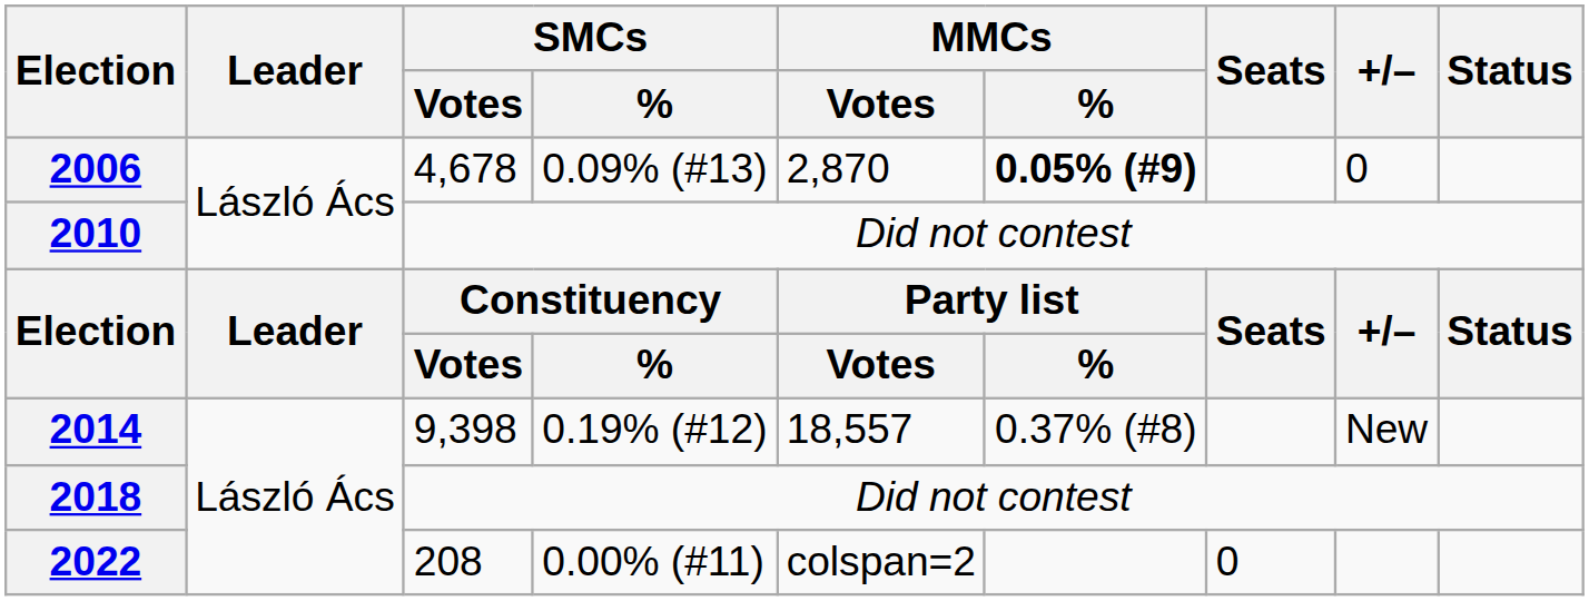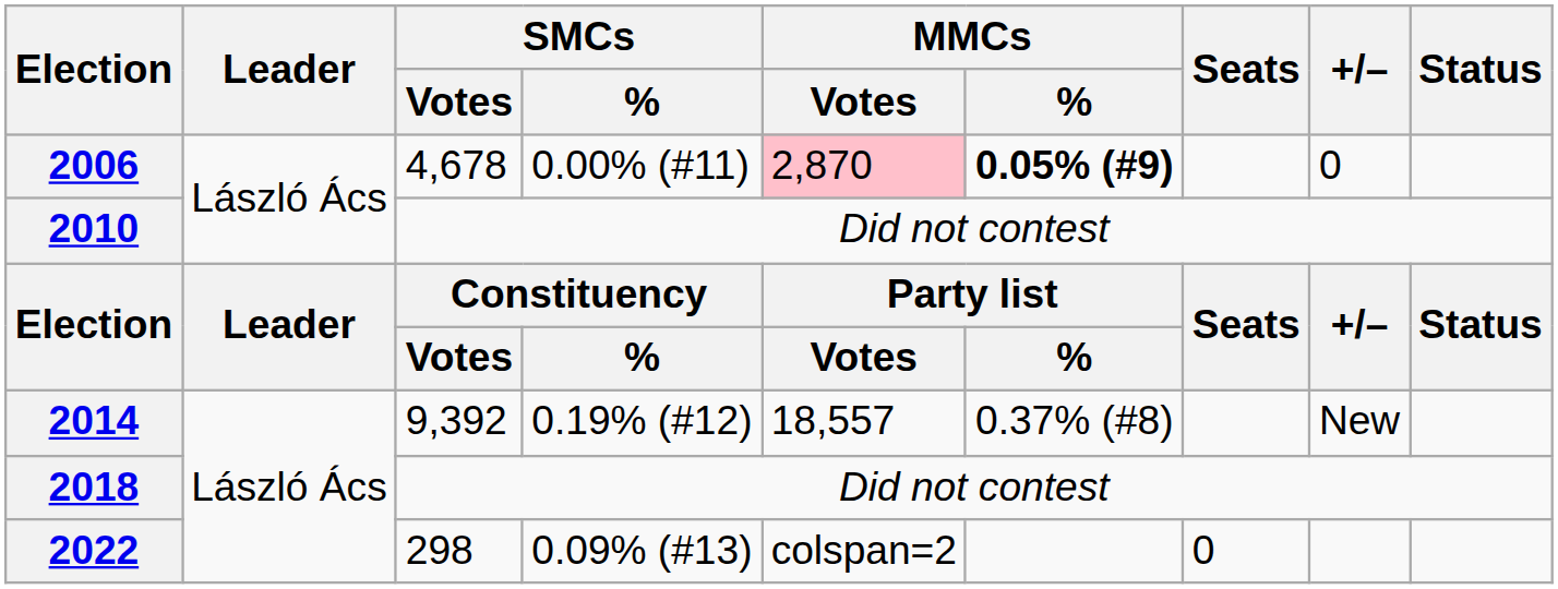 <table class="wikitable">
 <tr>
 <th rowspan=2>Election</th>
 <th rowspan=2>Leader</th>
 <th colspan=2>SMCs</th>
 <th colspan=2>MMCs</th>
 <th rowspan=2>Seats</th>
 <th rowspan=2>+/–</th>
 <th rowspan=2>Status</th>
 </tr>
 <tr>
 <th>Votes</th>
 <th>%</th>
 <th>Votes</th>
 <th>%</th>
 </tr>
 <tr>
 <th><a href='#'>2006</a></th>
 <td rowspan=2>László Ács</td>
 <td>4,678</td>
-<td>0.09% (#13)</td>
-<td>2,870</td>
+<td>0.00% (#11)</td>
+<td style="background: pink;">2,870</td>
 <td><strong>0.05% (#9)</strong></td>
 <td></td>
 <td> 0</td>
 <td></td>
 </tr>
 <tr>
 <th><a href='#'>2010</a></th>
 <td colspan=8 align=center><em>Did not contest</em></td>
 </tr>
 <tr>
 <th rowspan=2>Election</th>
 <th rowspan=2>Leader</th>
 <th colspan=2>Constituency</th>
 <th colspan=2>Party list</th>
 <th rowspan=2>Seats</th>
 <th rowspan=2>+/–</th>
 <th rowspan=2>Status</th>
 </tr>
 <tr>
 <th>Votes</th>
 <th>%</th>
 <th>Votes</th>
 <th>%</th>
 </tr>
 <tr>
 <th><a href='#'>2014</a></th>
 <td rowspan=3>László Ács</td>
-<td>9,398</td>
+<td>9,392</td>
 <td>0.19% (#12)</td>
 <td>18,557</td>
 <td>0.37% (#8)</td>
 <td></td>
 <td>New</td>
 <td></td>
 </tr>
 <tr>
 <th><a href='#'>2018</a></th>
 <td colspan=8 align=center><em>Did not contest</em></td>
 </tr>
 <tr>
 <th><a href='#'>2022</a></th>
-<td>208</td>
-<td>0.00% (#11)</td>
+<td>298</td>
+<td>0.09% (#13)</td>
 <td>colspan=2 </td>
 <td></td>
 <td> 0</td>
 <td></td>
 </tr>
 </table>
